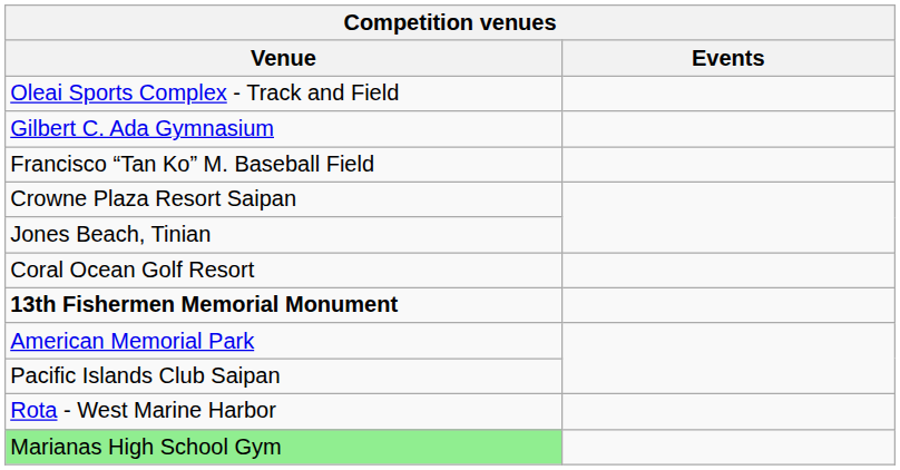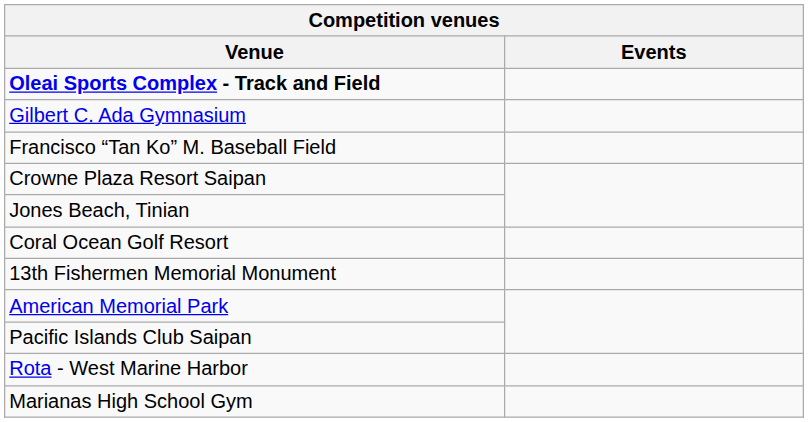 <table class="wikitable sortable" style="width:40em; max-width:70%;">
 <tr>
 <th colspan=100%>Competition venues</th>
 </tr>
 <tr>
 <th scope="col" style="background-color:#f2f2f2; width:17em;">Venue</th>
 <th scope="col" style="background-color:#f2f2f2; width:10em;">Events</th>
 </tr>
 <tr>
-<td><a href='#'>Oleai Sports Complex</a> - Track and Field</td>
+<td><strong><a href='#'>Oleai Sports Complex</a> - Track and Field</strong></td>
 <td></td>
 </tr>
 <tr>
 <td><a href='#'>Gilbert C. Ada Gymnasium</a></td>
 <td></td>
 </tr>
 <tr>
 <td>Francisco “Tan Ko” M. Baseball Field</td>
 <td></td>
 </tr>
 <tr>
 <td>Crowne Plaza Resort Saipan</td>
 <td rowspan=2></td>
 </tr>
 <tr>
 <td>Jones Beach, Tinian</td>
 </tr>
 <tr>
 <td>Coral Ocean Golf Resort</td>
 <td></td>
 </tr>
 <tr>
-<td><strong>13th Fishermen Memorial Monument</strong></td>
+<td>13th Fishermen Memorial Monument</td>
 <td></td>
 </tr>
 <tr>
 <td><a href='#'>American Memorial Park</a></td>
 <td rowspan=2></td>
 </tr>
 <tr>
 <td>Pacific Islands Club Saipan</td>
 </tr>
 <tr>
 <td><a href='#'>Rota</a> - West Marine Harbor</td>
 <td></td>
 </tr>
 <tr>
-<td style="background: lightgreen;">Marianas High School Gym</td>
+<td>Marianas High School Gym</td>
 <td></td>
 </tr>
 </table>
